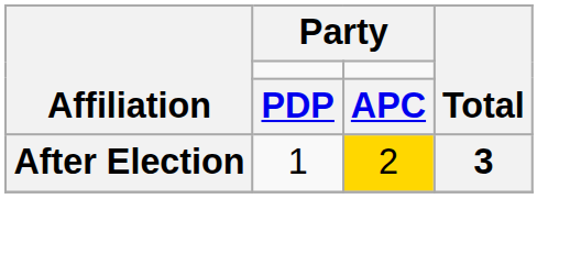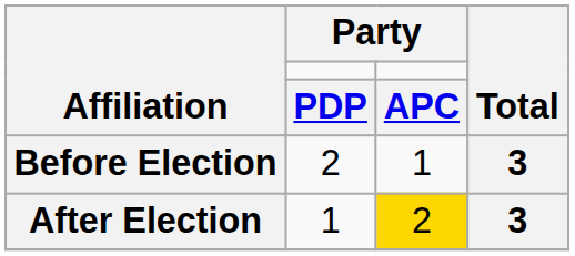 <table class=wikitable style="text-align:center">
 <tr style="vertical-align:bottom;">
 <th rowspan=3>Affiliation</th>
 <th colspan=2>Party</th>
 <th rowspan=3>Total</th>
 </tr>
 <tr>
 <td style="background-color:"></td>
 <td style="background-color:"></td>
 </tr>
 <tr>
 <th><a href='#'>PDP</a></th>
 <th><a href='#'>APC</a></th>
 </tr>
 <tr>
+<th>Before Election</th>
+<td>2</td>
+<td>1</td>
+<th>3</th>
+</tr>
+<tr>
 <th>After Election</th>
 <td>1</td>
 <td style="background: gold;">2</td>
 <th>3</th>
 </tr>
 <tr>
 </tr>
 </table>
